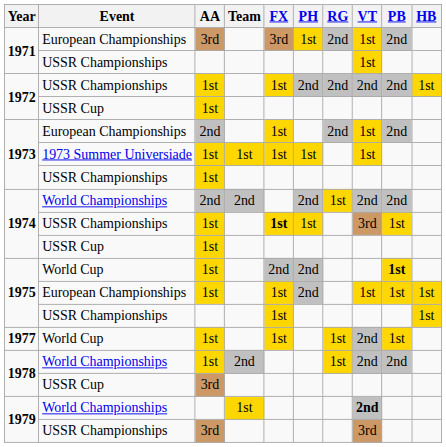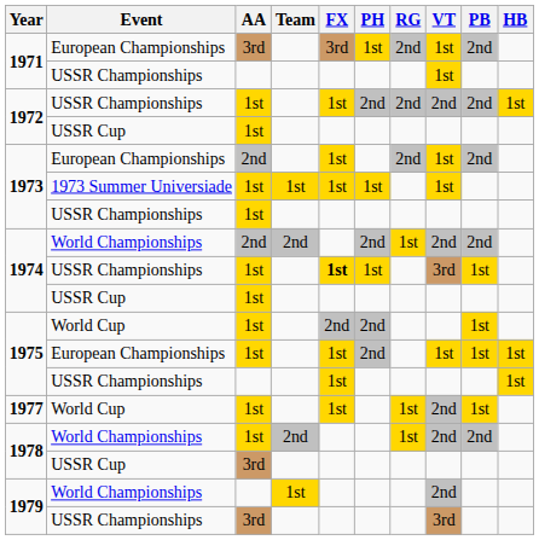 <table class=wikitable style="border-collapse: collapse; text-align:center; font-size: 95%;">
 <tr>
 <th align=center>Year</th>
 <th align=center>Event</th>
 <th style="width:25px;">AA</th>
 <th style="width:25px;">Team</th>
 <th style="width:25px;"><a href='#'>FX</a></th>
 <th style="width:25px;"><a href='#'>PH</a></th>
 <th style="width:25px;"><a href='#'>RG</a></th>
 <th style="width:25px;"><a href='#'>VT</a></th>
 <th style="width:25px;"><a href='#'>PB</a></th>
 <th style="width:25px;"><a href='#'>HB</a></th>
 </tr>
 <tr>
 <td rowspan="2"><strong>1971</strong></td>
 <td align=left>European Championships</td>
 <td style="background:#c96;">3rd</td>
 <td></td>
 <td style="background:#c96;">3rd</td>
 <td bgcolor=gold>1st</td>
 <td style="background:silver;">2nd</td>
 <td bgcolor=gold>1st</td>
 <td style="background:silver;">2nd</td>
 <td></td>
 </tr>
 <tr>
 <td align=left>USSR Championships</td>
 <td></td>
 <td></td>
 <td></td>
 <td></td>
 <td></td>
 <td bgcolor=gold>1st</td>
 <td></td>
 <td></td>
 </tr>
 <tr>
 <td rowspan="2"><strong>1972</strong></td>
 <td align=left>USSR Championships</td>
 <td bgcolor=gold>1st</td>
 <td></td>
 <td bgcolor=gold>1st</td>
 <td style="background:silver;">2nd</td>
 <td style="background:silver;">2nd</td>
 <td style="background:silver;">2nd</td>
 <td style="background:silver;">2nd</td>
 <td bgcolor=gold>1st</td>
 </tr>
 <tr>
 <td align=left>USSR Cup</td>
 <td bgcolor=gold>1st</td>
 <td></td>
 <td></td>
 <td></td>
 <td></td>
 <td></td>
 <td></td>
 <td></td>
 </tr>
 <tr>
 <td rowspan="3"><strong>1973</strong></td>
 <td align=left>European Championships</td>
 <td style="background:silver;">2nd</td>
 <td></td>
 <td bgcolor=gold>1st</td>
 <td></td>
 <td style="background:silver;">2nd</td>
 <td bgcolor=gold>1st</td>
 <td style="background:silver;">2nd</td>
 <td></td>
 </tr>
 <tr>
 <td align=left><a href='#'>1973 Summer Universiade</a></td>
 <td bgcolor=gold>1st</td>
 <td bgcolor=gold>1st</td>
 <td bgcolor=gold>1st</td>
 <td bgcolor=gold>1st</td>
 <td></td>
 <td bgcolor=gold>1st</td>
 <td></td>
 <td></td>
 </tr>
 <tr>
 <td align=left>USSR Championships</td>
 <td bgcolor=gold>1st</td>
 <td></td>
 <td></td>
 <td></td>
 <td></td>
 <td></td>
 <td></td>
 <td></td>
 </tr>
 <tr>
 <td rowspan="3"><strong>1974</strong></td>
 <td align=left><a href='#'>World Championships</a></td>
 <td style="background:silver;">2nd</td>
 <td style="background:silver;">2nd</td>
 <td></td>
 <td style="background:silver;">2nd</td>
 <td bgcolor=gold>1st</td>
 <td style="background:silver;">2nd</td>
 <td style="background:silver;">2nd</td>
 <td></td>
 </tr>
 <tr>
 <td align=left>USSR Championships</td>
 <td bgcolor=gold>1st</td>
 <td></td>
 <td bgcolor=gold><strong>1st</strong></td>
 <td bgcolor=gold>1st</td>
 <td></td>
 <td style="background:#c96;">3rd</td>
 <td bgcolor=gold>1st</td>
 <td></td>
 </tr>
 <tr>
 <td align=left>USSR Cup</td>
 <td bgcolor=gold>1st</td>
 <td></td>
 <td></td>
 <td></td>
 <td></td>
 <td></td>
 <td></td>
 <td></td>
 </tr>
 <tr>
 <td rowspan="3"><strong>1975</strong></td>
 <td align=left>World Cup</td>
 <td bgcolor=gold>1st</td>
 <td></td>
 <td style="background:silver;">2nd</td>
 <td style="background:silver;">2nd</td>
 <td></td>
 <td></td>
-<td bgcolor=gold><strong>1st</strong></td>
+<td bgcolor=gold>1st</td>
 <td></td>
 </tr>
 <tr>
 <td align=left>European Championships</td>
 <td bgcolor=gold>1st</td>
 <td></td>
 <td bgcolor=gold>1st</td>
 <td style="background:silver;">2nd</td>
 <td></td>
 <td bgcolor=gold>1st</td>
 <td bgcolor=gold>1st</td>
 <td bgcolor=gold>1st</td>
 </tr>
 <tr>
 <td align=left>USSR Championships</td>
 <td></td>
 <td></td>
 <td bgcolor=gold>1st</td>
 <td></td>
 <td></td>
 <td></td>
 <td></td>
 <td bgcolor=gold>1st</td>
 </tr>
 <tr>
 <td><strong>1977</strong></td>
 <td align=left>World Cup</td>
 <td bgcolor=gold>1st</td>
 <td></td>
 <td bgcolor=gold>1st</td>
 <td></td>
 <td bgcolor=gold>1st</td>
 <td style="background:silver;">2nd</td>
 <td bgcolor=gold>1st</td>
 <td></td>
 </tr>
 <tr>
 <td rowspan="2"><strong>1978</strong></td>
 <td align=left><a href='#'>World Championships</a></td>
 <td bgcolor=gold>1st</td>
 <td style="background:silver;">2nd</td>
 <td></td>
 <td></td>
 <td bgcolor=gold>1st</td>
 <td style="background:silver;">2nd</td>
 <td style="background:silver;">2nd</td>
 <td></td>
 </tr>
 <tr>
 <td align=left>USSR Cup</td>
 <td style="background:#c96;">3rd</td>
 <td></td>
 <td></td>
 <td></td>
 <td></td>
 <td></td>
 <td></td>
 <td></td>
 </tr>
 <tr>
 <td rowspan="2"><strong>1979</strong></td>
 <td align=left><a href='#'>World Championships</a></td>
 <td></td>
 <td bgcolor=gold>1st</td>
 <td></td>
 <td></td>
 <td></td>
-<td style="background:silver;"><strong>2nd</strong></td>
+<td style="background:silver;">2nd</td>
 <td></td>
 <td></td>
 </tr>
 <tr>
 <td align=left>USSR Championships</td>
 <td style="background:#c96;">3rd</td>
 <td></td>
 <td></td>
 <td></td>
 <td></td>
 <td style="background:#c96;">3rd</td>
 <td></td>
 <td></td>
 </tr>
 </table>
